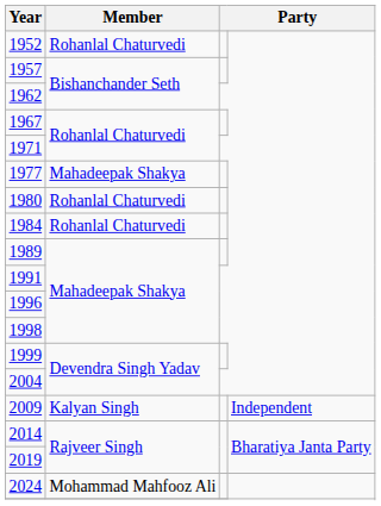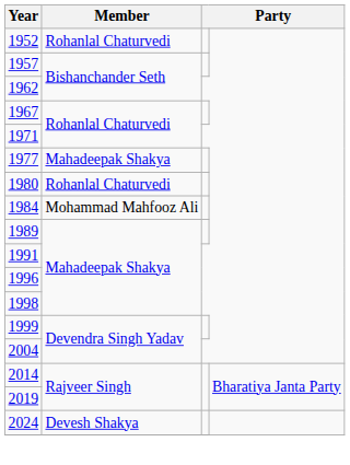 <table class="wikitable sortable">
 <tr>
 <th>Year</th>
 <th>Member</th>
 <th colspan="2">Party</th>
 </tr>
 <tr>
 <td><a href='#'>1952</a></td>
 <td><a href='#'>Rohanlal Chaturvedi</a></td>
 <td></td>
 </tr>
 <tr>
 <td><a href='#'>1957</a></td>
 <td rowspan="2"><a href='#'>Bishanchander Seth</a></td>
 <td></td>
 </tr>
 <tr>
 <td><a href='#'>1962</a></td>
 </tr>
 <tr>
 <td><a href='#'>1967</a></td>
 <td rowspan="2"><a href='#'>Rohanlal Chaturvedi</a></td>
 <td></td>
 </tr>
 <tr>
 <td><a href='#'>1971</a></td>
 </tr>
 <tr>
 <td><a href='#'>1977</a></td>
 <td><a href='#'>Mahadeepak Shakya</a></td>
 <td></td>
 </tr>
 <tr>
 <td><a href='#'>1980</a></td>
 <td><a href='#'>Rohanlal Chaturvedi</a></td>
 <td></td>
 </tr>
 <tr>
 <td><a href='#'>1984</a></td>
-<td><a href='#'>Rohanlal Chaturvedi</a></td>
+<td>Mohammad Mahfooz Ali</td>
 <td></td>
 </tr>
 <tr>
 <td><a href='#'>1989</a></td>
 <td rowspan="4"><a href='#'>Mahadeepak Shakya</a></td>
 <td></td>
 </tr>
 <tr>
 <td><a href='#'>1991</a></td>
 </tr>
 <tr>
 <td><a href='#'>1996</a></td>
 </tr>
 <tr>
 <td><a href='#'>1998</a></td>
 </tr>
 <tr>
 <td><a href='#'>1999</a></td>
 <td rowspan="2"><a href='#'>Devendra Singh Yadav</a></td>
 <td></td>
 </tr>
 <tr>
 <td><a href='#'>2004</a></td>
 </tr>
 <tr>
-<td><a href='#'>2009</a></td>
-<td><a href='#'>Kalyan Singh</a></td>
-<td style="background-color: "></td>
-<td><a href='#'>Independent</a></td>
-</tr>
-<tr>
 <td><a href='#'>2014</a></td>
 <td rowspan="2"><a href='#'>Rajveer Singh</a></td>
 <td rowspan="2" style="background-color: "></td>
 <td rowspan="2"><a href='#'>Bharatiya Janta Party</a></td>
 </tr>
 <tr>
 <td><a href='#'>2019</a></td>
 </tr>
 <tr>
 <td><a href='#'>2024</a></td>
-<td>Mohammad Mahfooz Ali</td>
+<td><a href='#'>Devesh Shakya</a></td>
 <td></td>
 </tr>
 <tr>
 </tr>
 </table>
